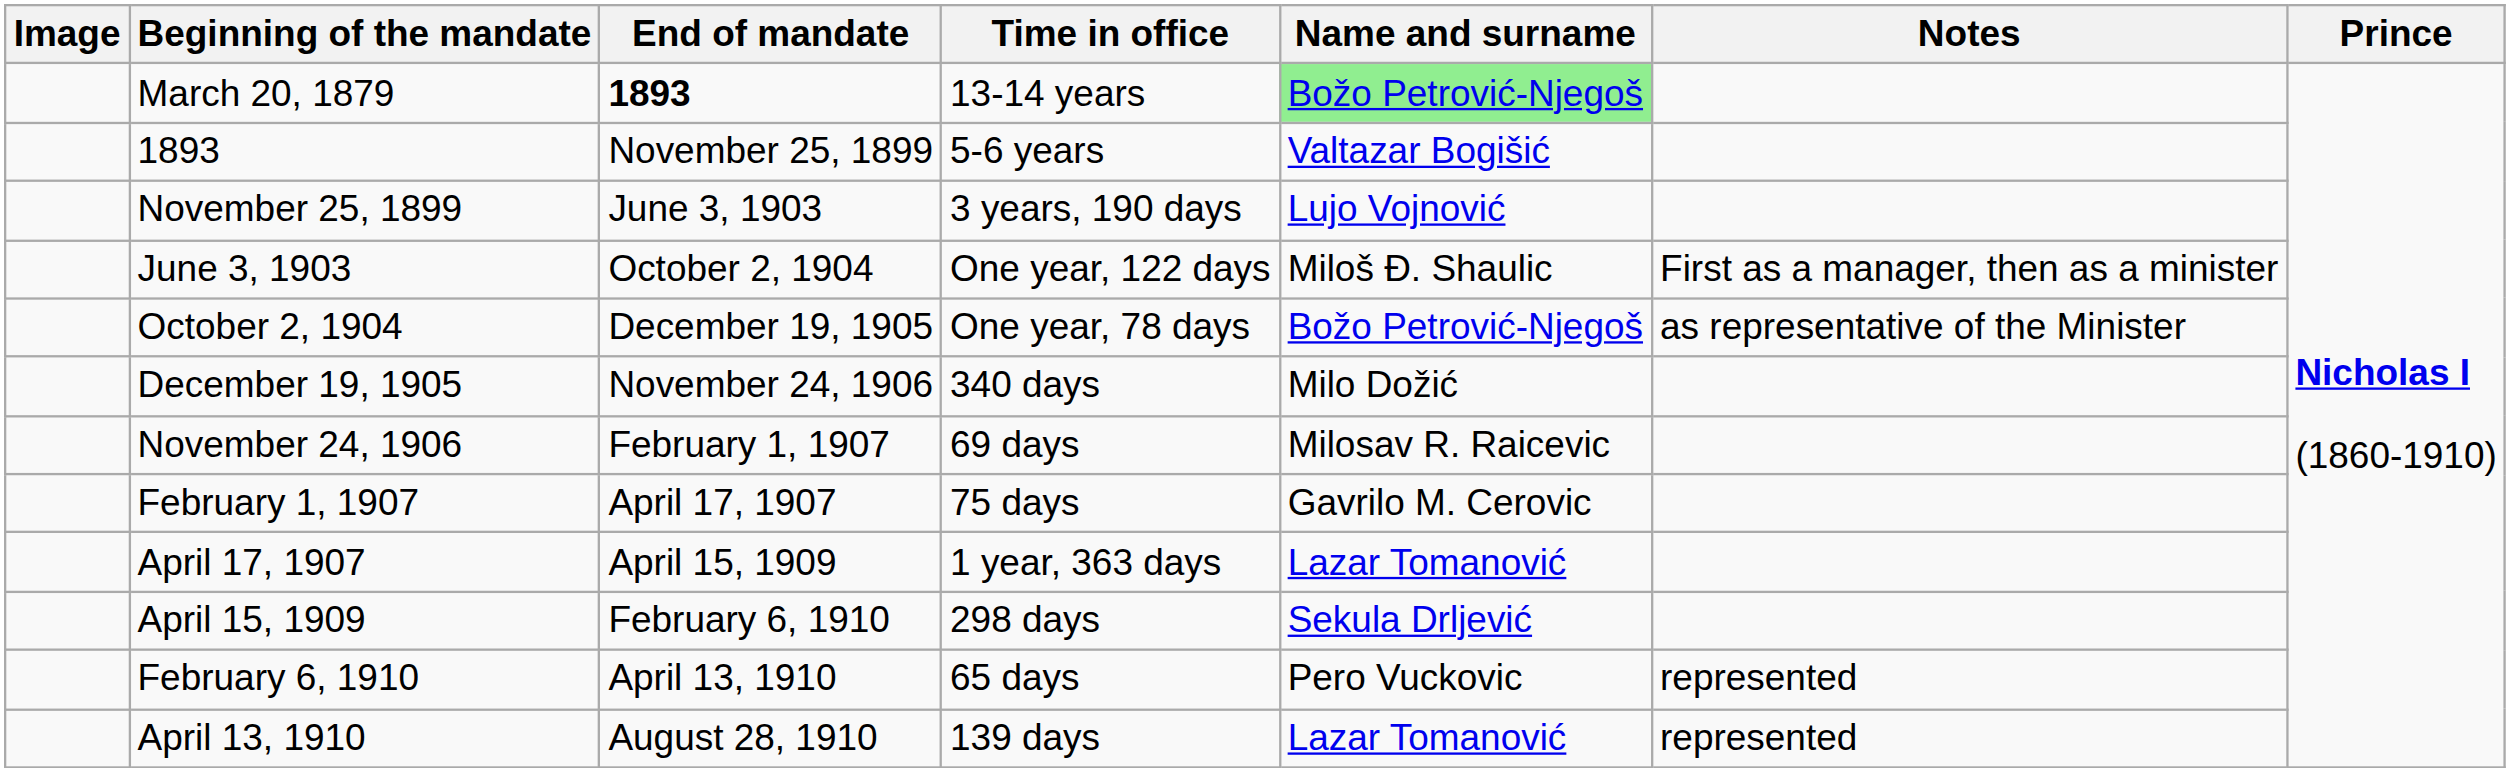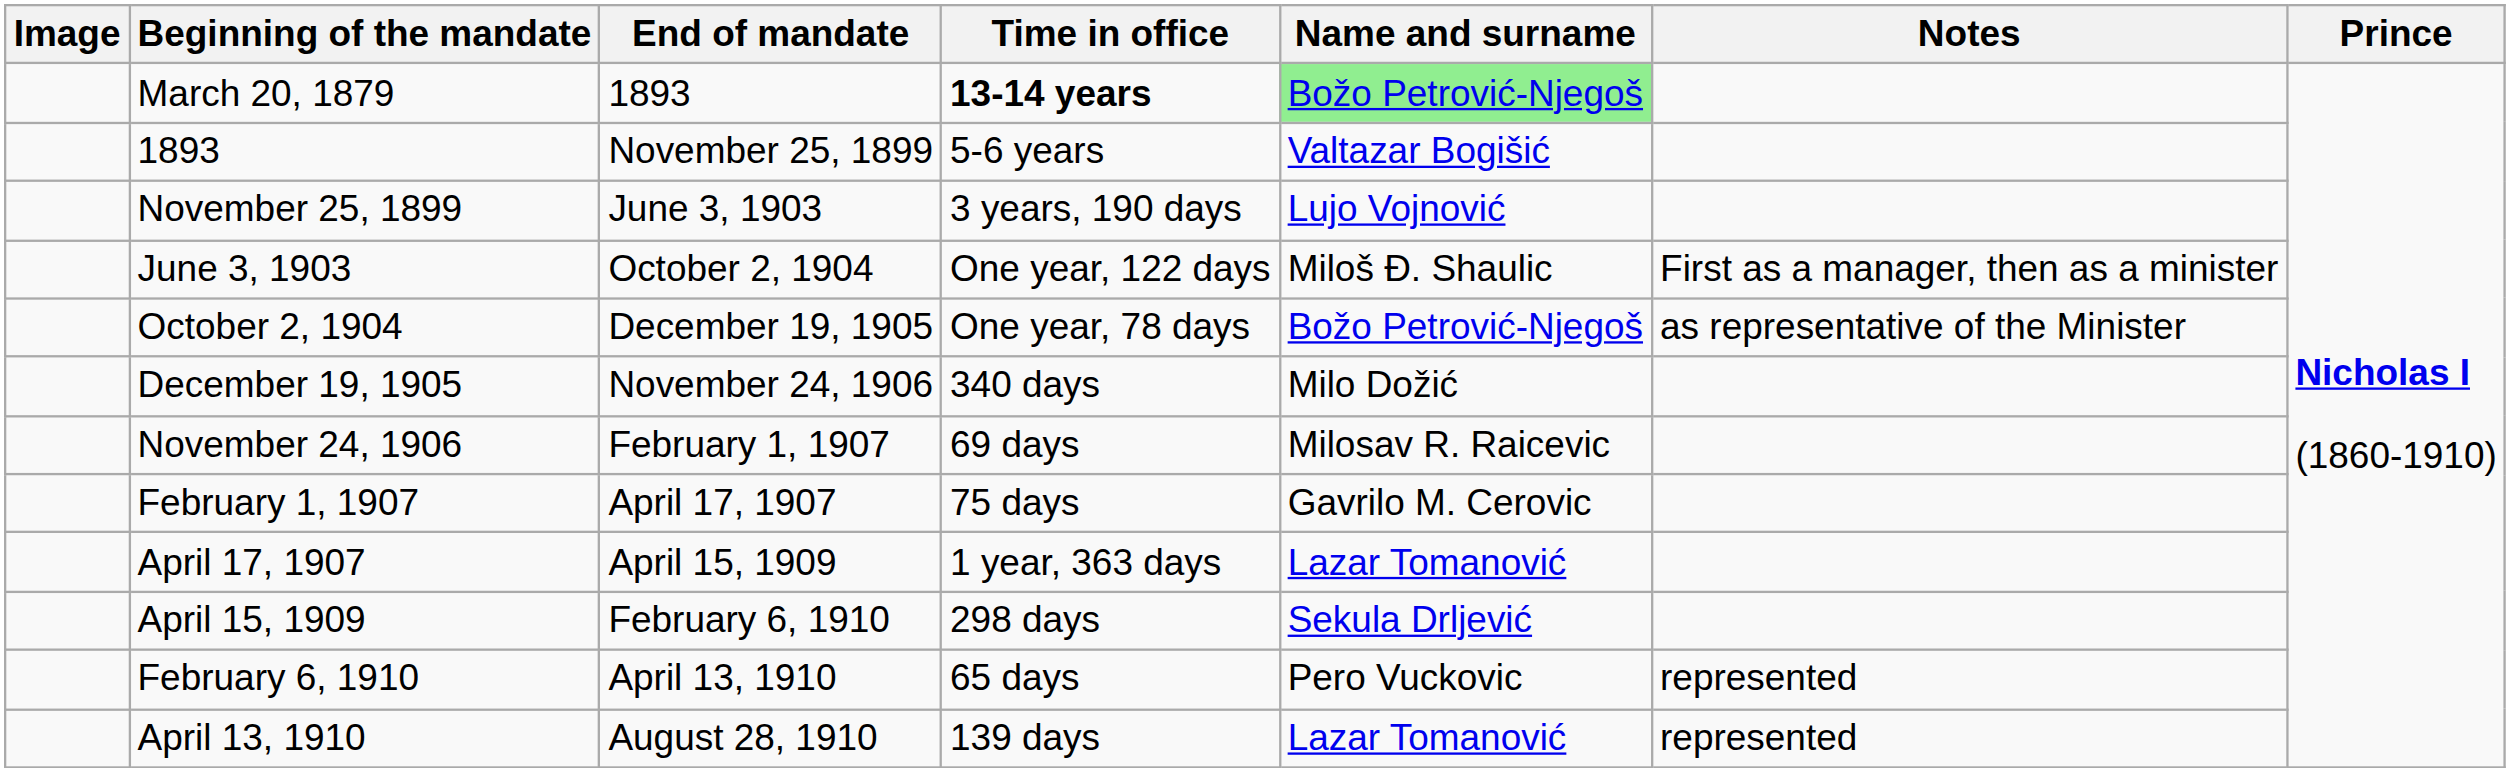 <table class="wikitable">
 <tr>
 <th>Image</th>
 <th>Beginning of the mandate</th>
 <th>End of mandate</th>
 <th>Time in office</th>
 <th>Name and surname</th>
 <th>Notes</th>
 <th>Prince</th>
 </tr>
 <tr>
 <td></td>
 <td>March 20, 1879</td>
-<td><strong>1893</strong></td>
-<td>13-14 years</td>
+<td>1893</td>
+<td><strong>13-14 years</strong></td>
 <td style="background: lightgreen;"><a href='#'>Božo Petrović-Njegoš</a></td>
 <td></td>
 <td rowspan="12"><strong><a href='#'>Nicholas I</a><br></strong><br>(1860-1910)</td>
 </tr>
 <tr>
 <td></td>
 <td>1893</td>
 <td>November 25, 1899</td>
 <td>5-6 years</td>
 <td><a href='#'>Valtazar Bogišić</a></td>
 <td></td>
 </tr>
 <tr>
 <td></td>
 <td>November 25, 1899</td>
 <td>June 3, 1903</td>
 <td>3 years, 190 days</td>
 <td><a href='#'>Lujo Vojnović</a></td>
 <td></td>
 </tr>
 <tr>
 <td></td>
 <td>June 3, 1903</td>
 <td>October 2, 1904</td>
 <td>One year, 122 days</td>
 <td>Miloš Đ. Shaulic</td>
 <td>First as a manager, then as a minister</td>
 </tr>
 <tr>
 <td></td>
 <td>October 2, 1904</td>
 <td>December 19, 1905</td>
 <td>One year, 78 days</td>
 <td><a href='#'>Božo Petrović-Njegoš</a></td>
 <td>as representative of the Minister</td>
 </tr>
 <tr>
 <td></td>
 <td>December 19, 1905</td>
 <td>November 24, 1906</td>
 <td>340 days</td>
 <td>Milo Dožić</td>
 <td></td>
 </tr>
 <tr>
 <td></td>
 <td>November 24, 1906</td>
 <td>February 1, 1907</td>
 <td>69 days</td>
 <td>Milosav R. Raicevic</td>
 <td></td>
 </tr>
 <tr>
 <td></td>
 <td>February 1, 1907</td>
 <td>April 17, 1907</td>
 <td>75 days</td>
 <td>Gavrilo M. Cerovic</td>
 <td></td>
 </tr>
 <tr>
 <td></td>
 <td>April 17, 1907</td>
 <td>April 15, 1909</td>
 <td>1 year, 363 days</td>
 <td><a href='#'>Lazar Tomanović</a></td>
 <td></td>
 </tr>
 <tr>
 <td></td>
 <td>April 15, 1909</td>
 <td>February 6, 1910</td>
 <td>298 days</td>
 <td><a href='#'>Sekula Drljević</a></td>
 <td></td>
 </tr>
 <tr>
 <td></td>
 <td>February 6, 1910</td>
 <td>April 13, 1910</td>
 <td>65 days</td>
 <td>Pero Vuckovic</td>
 <td>represented</td>
 </tr>
 <tr>
 <td></td>
 <td>April 13, 1910</td>
 <td>August 28, 1910</td>
 <td>139 days</td>
 <td><a href='#'>Lazar Tomanović</a></td>
 <td>represented</td>
 </tr>
 </table>
